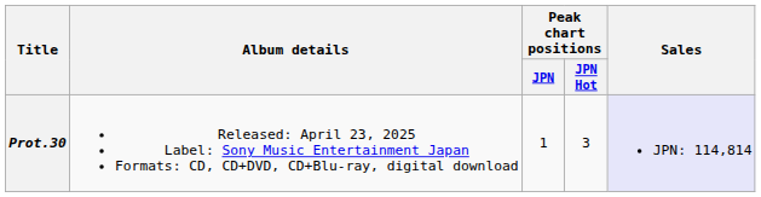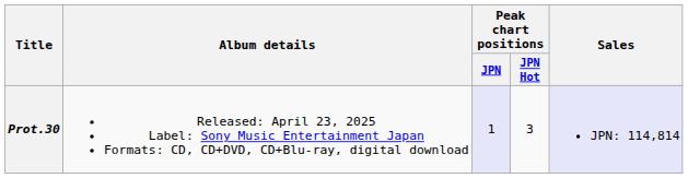 <table class="wikitable plainrowheaders" style="text-align:center">
 <tr>
 <th scope="col" rowspan="2">Title</th>
 <th scope="col" rowspan="2">Album details</th>
 <th scope="col" colspan="2">Peak chart positions</th>
 <th scope="col" rowspan="2">Sales</th>
 </tr>
 <tr>
 <th scope="col" style="width:3em;font-size:90%"><a href='#'>JPN</a><br></th>
 <th scope="col" style="width:3em;font-size:90%"><a href='#'>JPN<br>Hot</a><br></th>
 </tr>
 <tr>
 <th scope="row"><em>Prot.30</em></th>
 <td><br><ul><li>Released: April 23, 2025</li><li>Label: <a href='#'>Sony Music Entertainment Japan</a></li><li>Formats: CD, CD+DVD, CD+Blu-ray, digital download</li></ul></td>
-<td>1</td>
+<td style="background: lavender;">1</td>
 <td>3</td>
 <td style="background: lavender;"><br><ul><li>JPN: 114,814</li></ul></td>
 </tr>
 </table>
